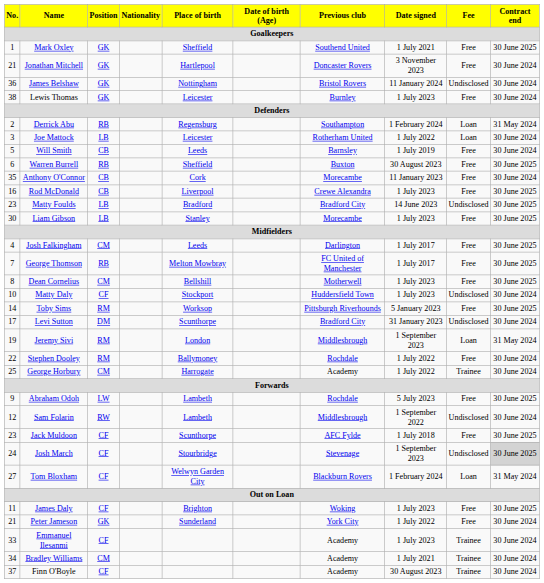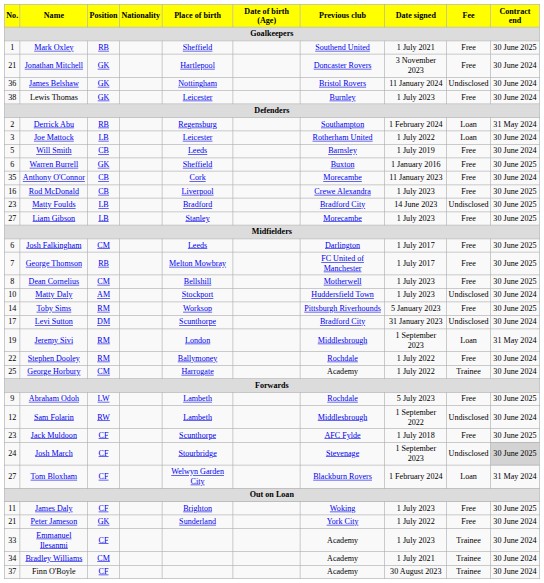 <table class="wikitable" style="text-align:center; font-size:84.5%; width:101%;">
 <tr>
 <th style="background: yellow; color: black; ">No.</th>
 <th style="background: yellow; color: black; ">Name</th>
 <th style="background: yellow; color: black; ">Position</th>
 <th style="background: yellow; color: black; ">Nationality</th>
 <th style="background: yellow; color: black; ">Place of birth</th>
 <th style="background: yellow; color: black; ">Date of birth (Age)</th>
 <th style="background: yellow; color: black; ">Previous club</th>
 <th style="background: yellow; color: black; ">Date signed</th>
 <th style="background: yellow; color: black; ">Fee</th>
 <th style="background: yellow; color: black; ">Contract end</th>
 </tr>
 <tr>
 <th colspan="14" style="background:#dcdcdc; tepxt-align:center;">Goalkeepers</th>
 </tr>
 <tr>
 <td>1</td>
 <td><a href='#'>Mark Oxley</a></td>
-<td><a href='#'>GK</a></td>
+<td><a href='#'>RB</a></td>
 <td></td>
 <td><a href='#'>Sheffield</a></td>
 <td></td>
 <td><a href='#'>Southend United</a></td>
 <td>1 July 2021</td>
 <td>Free</td>
 <td>30 June 2025</td>
 </tr>
 <tr>
 <td>21</td>
 <td><a href='#'>Jonathan Mitchell</a></td>
 <td><a href='#'>GK</a></td>
 <td></td>
 <td><a href='#'>Hartlepool</a></td>
 <td></td>
 <td><a href='#'>Doncaster Rovers</a></td>
 <td>3 November 2023</td>
 <td>Free</td>
 <td>30 June 2024</td>
 </tr>
 <tr>
 <td>36</td>
 <td><a href='#'>James Belshaw</a></td>
 <td><a href='#'>GK</a></td>
 <td></td>
 <td><a href='#'>Nottingham</a></td>
 <td></td>
 <td><a href='#'>Bristol Rovers</a></td>
 <td>11 January 2024</td>
 <td>Undisclosed</td>
 <td>30 June 2024</td>
 </tr>
 <tr>
 <td>38</td>
 <td>Lewis Thomas</td>
 <td><a href='#'>GK</a></td>
 <td></td>
 <td><a href='#'>Leicester</a></td>
 <td></td>
 <td><a href='#'>Burnley</a></td>
 <td>1 July 2023</td>
 <td>Free</td>
 <td>30 June 2024</td>
 </tr>
 <tr>
 <th colspan="14" style="background:#dcdcdc; tepxt-align:center;">Defenders</th>
 </tr>
 <tr>
 <td>2</td>
 <td><a href='#'>Derrick Abu</a></td>
 <td><a href='#'>RB</a></td>
 <td></td>
 <td> <a href='#'>Regensburg</a></td>
 <td></td>
 <td><a href='#'>Southampton</a></td>
 <td>1 February 2024</td>
 <td>Loan</td>
 <td>31 May 2024</td>
 </tr>
 <tr>
 <td>3</td>
 <td><a href='#'>Joe Mattock</a></td>
 <td><a href='#'>LB</a></td>
 <td></td>
 <td><a href='#'>Leicester</a></td>
 <td></td>
 <td><a href='#'>Rotherham United</a></td>
 <td>1 July 2022</td>
 <td>Loan</td>
 <td>30 June 2024</td>
 </tr>
 <tr>
 <td>5</td>
 <td><a href='#'>Will Smith</a></td>
 <td><a href='#'>CB</a></td>
 <td></td>
 <td><a href='#'>Leeds</a></td>
 <td></td>
 <td><a href='#'>Barnsley</a></td>
 <td>1 July 2019</td>
 <td>Free</td>
 <td>30 June 2024</td>
 </tr>
 <tr>
 <td>6</td>
 <td><a href='#'>Warren Burrell</a></td>
-<td><a href='#'>RB</a></td>
+<td><a href='#'>GK</a></td>
 <td></td>
 <td><a href='#'>Sheffield</a></td>
 <td></td>
 <td><a href='#'>Buxton</a></td>
-<td>30 August 2023</td>
+<td>1 January 2016</td>
 <td>Free</td>
 <td>30 June 2025</td>
 </tr>
 <tr>
 <td>35</td>
 <td><a href='#'>Anthony O'Connor</a></td>
 <td><a href='#'>CB</a></td>
 <td></td>
 <td><a href='#'>Cork</a></td>
 <td></td>
 <td><a href='#'>Morecambe</a></td>
 <td>11 January 2023</td>
 <td>Free</td>
 <td>30 June 2024</td>
 </tr>
 <tr>
 <td>16</td>
 <td><a href='#'>Rod McDonald</a></td>
 <td><a href='#'>CB</a></td>
 <td></td>
 <td><a href='#'>Liverpool</a></td>
 <td></td>
 <td><a href='#'>Crewe Alexandra</a></td>
 <td>1 July 2023</td>
 <td>Free</td>
 <td>30 June 2025</td>
 </tr>
 <tr>
 <td>23</td>
 <td><a href='#'>Matty Foulds</a></td>
 <td><a href='#'>LB</a></td>
 <td></td>
 <td><a href='#'>Bradford</a></td>
 <td></td>
 <td><a href='#'>Bradford City</a></td>
 <td>14 June 2023</td>
 <td>Undisclosed</td>
 <td>30 June 2025</td>
 </tr>
 <tr>
-<td>30</td>
+<td>27</td>
 <td><a href='#'>Liam Gibson</a></td>
 <td><a href='#'>LB</a></td>
 <td></td>
 <td><a href='#'>Stanley</a></td>
 <td></td>
 <td><a href='#'>Morecambe</a></td>
 <td>1 July 2023</td>
 <td>Free</td>
 <td>30 June 2025</td>
 </tr>
 <tr>
 <th colspan="14" style="background:#dcdcdc; tepxt-align:center;">Midfielders</th>
 </tr>
 <tr>
-<td>4</td>
+<td>6</td>
 <td><a href='#'>Josh Falkingham</a></td>
 <td><a href='#'>CM</a></td>
 <td></td>
 <td><a href='#'>Leeds</a></td>
 <td></td>
 <td><a href='#'>Darlington</a></td>
 <td>1 July 2017</td>
 <td>Free</td>
 <td>30 June 2025</td>
 </tr>
 <tr>
 <td>7</td>
 <td><a href='#'>George Thomson</a></td>
 <td><a href='#'>RB</a></td>
 <td></td>
 <td><a href='#'>Melton Mowbray</a></td>
 <td></td>
 <td><a href='#'>FC United of Manchester</a></td>
 <td>1 July 2017</td>
 <td>Free</td>
 <td>30 June 2025</td>
 </tr>
 <tr>
 <td>8</td>
 <td><a href='#'>Dean Cornelius</a></td>
 <td><a href='#'>CM</a></td>
 <td></td>
 <td><a href='#'>Bellshill</a></td>
 <td></td>
 <td> <a href='#'>Motherwell</a></td>
 <td>1 July 2023</td>
 <td>Free</td>
 <td>30 June 2025</td>
 </tr>
 <tr>
 <td>10</td>
 <td><a href='#'>Matty Daly</a></td>
-<td><a href='#'>CF</a></td>
+<td><a href='#'>AM</a></td>
 <td></td>
 <td><a href='#'>Stockport</a></td>
 <td></td>
 <td><a href='#'>Huddersfield Town</a></td>
 <td>1 July 2023</td>
 <td>Undisclosed</td>
 <td>30 June 2024</td>
 </tr>
 <tr>
 <td>14</td>
 <td><a href='#'>Toby Sims</a></td>
 <td><a href='#'>RM</a></td>
 <td></td>
 <td><a href='#'>Worksop</a></td>
 <td></td>
 <td> <a href='#'>Pittsburgh Riverhounds</a></td>
 <td>5 January 2023</td>
 <td>Free</td>
 <td>30 June 2025</td>
 </tr>
 <tr>
 <td>17</td>
 <td><a href='#'>Levi Sutton</a></td>
 <td><a href='#'>DM</a></td>
 <td></td>
 <td><a href='#'>Scunthorpe</a></td>
 <td></td>
 <td><a href='#'>Bradford City</a></td>
 <td>31 January 2023</td>
 <td>Undisclosed</td>
 <td>30 June 2024</td>
 </tr>
 <tr>
 <td>19</td>
 <td><a href='#'>Jeremy Sivi</a></td>
 <td><a href='#'>RM</a></td>
 <td></td>
 <td><a href='#'>London</a></td>
 <td></td>
 <td><a href='#'>Middlesbrough</a></td>
 <td>1 September 2023</td>
 <td>Loan</td>
 <td>31 May 2024</td>
 </tr>
 <tr>
 <td>22</td>
 <td><a href='#'>Stephen Dooley</a></td>
 <td><a href='#'>RM</a></td>
 <td></td>
 <td><a href='#'>Ballymoney</a></td>
 <td></td>
 <td><a href='#'>Rochdale</a></td>
 <td>1 July 2022</td>
 <td>Free</td>
 <td>30 June 2024</td>
 </tr>
 <tr>
 <td>25</td>
 <td><a href='#'>George Horbury</a></td>
 <td><a href='#'>CM</a></td>
 <td></td>
 <td><a href='#'>Harrogate</a></td>
 <td></td>
 <td>Academy</td>
 <td>1 July 2022</td>
 <td>Trainee</td>
 <td>30 June 2024</td>
 </tr>
 <tr>
 <th colspan="14" style="background:#dcdcdc; tepxt-align:center;">Forwards</th>
 </tr>
 <tr>
 <td>9</td>
 <td><a href='#'>Abraham Odoh</a></td>
 <td><a href='#'>LW</a></td>
 <td></td>
 <td><a href='#'>Lambeth</a></td>
 <td></td>
 <td><a href='#'>Rochdale</a></td>
 <td>5 July 2023</td>
 <td>Free</td>
 <td>30 June 2025</td>
 </tr>
 <tr>
 <td>12</td>
 <td><a href='#'>Sam Folarin</a></td>
 <td><a href='#'>RW</a></td>
 <td></td>
 <td><a href='#'>Lambeth</a></td>
 <td></td>
 <td><a href='#'>Middlesbrough</a></td>
 <td>1 September 2022</td>
 <td>Undisclosed</td>
 <td>30 June 2024</td>
 </tr>
 <tr>
 <td>23</td>
 <td><a href='#'>Jack Muldoon</a></td>
 <td><a href='#'>CF</a></td>
 <td></td>
 <td><a href='#'>Scunthorpe</a></td>
 <td></td>
 <td><a href='#'>AFC Fylde</a></td>
 <td>1 July 2018</td>
 <td>Free</td>
 <td>30 June 2025</td>
 </tr>
 <tr>
 <td>24</td>
 <td><a href='#'>Josh March</a></td>
 <td><a href='#'>CF</a></td>
 <td></td>
 <td><a href='#'>Stourbridge</a></td>
 <td></td>
 <td><a href='#'>Stevenage</a></td>
 <td>1 September 2023</td>
 <td>Undisclosed</td>
 <td style="background: lightgrey;">30 June 2025</td>
 </tr>
 <tr>
 <td>27</td>
 <td><a href='#'>Tom Bloxham</a></td>
 <td><a href='#'>CF</a></td>
 <td></td>
 <td> <a href='#'>Welwyn Garden City</a></td>
 <td></td>
 <td><a href='#'>Blackburn Rovers</a></td>
 <td>1 February 2024</td>
 <td>Loan</td>
 <td>31 May 2024</td>
 </tr>
 <tr>
 <th colspan="14" style="background:#dcdcdc; tepxt-align:center;">Out on Loan</th>
 </tr>
 <tr>
 <td>11</td>
 <td><a href='#'>James Daly</a></td>
 <td><a href='#'>CF</a></td>
 <td></td>
 <td><a href='#'>Brighton</a></td>
 <td></td>
 <td><a href='#'>Woking</a></td>
 <td>1 July 2023</td>
 <td>Free</td>
 <td>30 June 2025</td>
 </tr>
 <tr>
 <td>21</td>
 <td><a href='#'>Peter Jameson</a></td>
 <td><a href='#'>GK</a></td>
 <td></td>
 <td><a href='#'>Sunderland</a></td>
 <td></td>
 <td><a href='#'>York City</a></td>
 <td>1 July 2022</td>
 <td>Free</td>
 <td>30 June 2024</td>
 </tr>
 <tr>
 <td>33</td>
 <td><a href='#'>Emmanuel Ilesanmi</a></td>
 <td><a href='#'>CF</a></td>
 <td></td>
 <td></td>
 <td></td>
 <td>Academy</td>
 <td>1 July 2023</td>
 <td>Trainee</td>
 <td>30 June 2024</td>
 </tr>
 <tr>
 <td>34</td>
 <td><a href='#'>Bradley Williams</a></td>
 <td><a href='#'>CM</a></td>
 <td></td>
 <td></td>
 <td></td>
 <td>Academy</td>
 <td>1 July 2021</td>
 <td>Trainee</td>
 <td>30 June 2024</td>
 </tr>
 <tr>
 <td>37</td>
 <td>Finn O'Boyle</td>
 <td><a href='#'>CF</a></td>
 <td></td>
 <td></td>
 <td></td>
 <td>Academy</td>
 <td>30 August 2023</td>
 <td>Trainee</td>
 <td>30 June 2024</td>
 </tr>
 </table>
